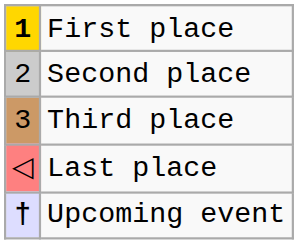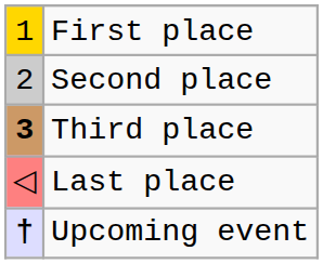 <table class="wikitable">
 <tr>
 </tr>
 <tr>
-<td style="text-align:center; background-color:#FFD700;"><strong>1</strong></td>
+<td style="text-align:center; background-color:#FFD700;">1</td>
 <td>First place</td>
 </tr>
 <tr>
 <td style="text-align:center; background-color:#CCC;">2</td>
 <td>Second place</td>
 </tr>
 <tr>
-<td style="text-align:center; background-color:#C96;">3</td>
+<td style="text-align:center; background-color:#C96;"><strong>3</strong></td>
 <td>Third place</td>
 </tr>
 <tr>
 <td style="text-align:center; background-color:#FE8080;">◁</td>
 <td>Last place</td>
 </tr>
 <tr>
 <td style="text-align:center; background-color:#DDF;"><strong>†</strong></td>
 <td>Upcoming event</td>
 </tr>
 </table>
